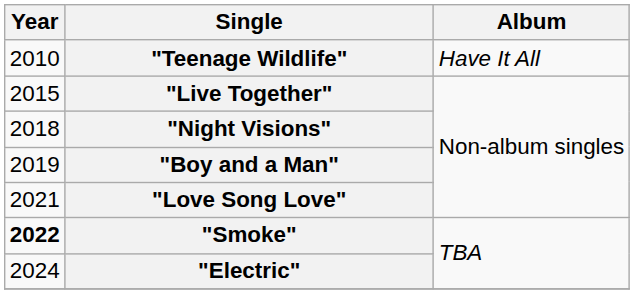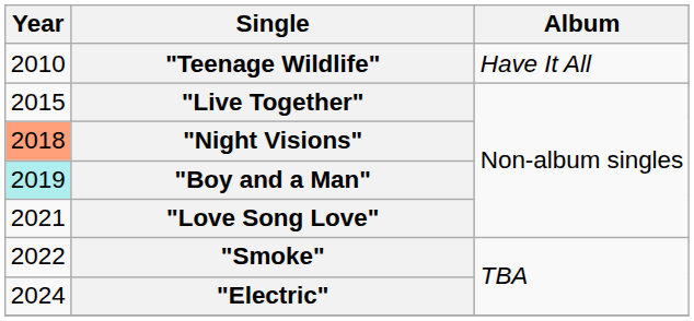 <table class="wikitable plainrowheaders">
 <tr>
 <th>Year</th>
 <th style="width:16em;">Single</th>
 <th>Album</th>
 </tr>
 <tr>
 <td>2010</td>
 <th scope="row">"Teenage Wildlife"</th>
 <td><em>Have It All</em></td>
 </tr>
 <tr>
 <td>2015</td>
 <th scope="row">"Live Together"</th>
 <td rowspan=4>Non-album singles</td>
 </tr>
 <tr>
-<td>2018</td>
+<td style="background: lightsalmon;">2018</td>
 <th scope="row">"Night Visions"</th>
 </tr>
 <tr>
-<td>2019</td>
+<td style="background: paleturquoise;">2019</td>
 <th scope="row">"Boy and a Man"</th>
 </tr>
 <tr>
 <td>2021</td>
 <th scope="row">"Love Song Love"</th>
 </tr>
 <tr>
-<td><strong>2022</strong></td>
+<td>2022</td>
 <th scope="row">"Smoke"</th>
 <td rowspan="2"><em>TBA</em></td>
 </tr>
 <tr>
 <td>2024</td>
 <th scope="row">"Electric"</th>
 </tr>
 <tr>
 </tr>
 </table>
